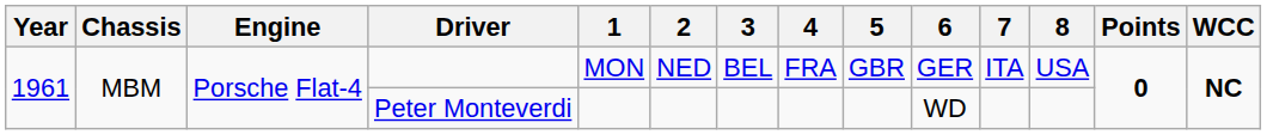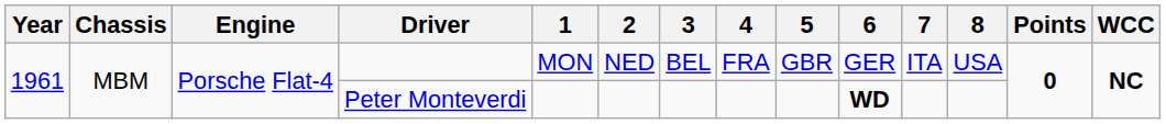 <table class="wikitable" style="text-align:center; font-size:95%">
 <tr>
 <th>Year</th>
 <th>Chassis</th>
 <th>Engine</th>
 <th>Driver</th>
 <th>1</th>
 <th>2</th>
 <th>3</th>
 <th>4</th>
 <th>5</th>
 <th>6</th>
 <th>7</th>
 <th>8</th>
 <th>Points</th>
 <th>WCC</th>
 </tr>
 <tr>
 <td rowspan="2"><a href='#'>1961</a></td>
 <td rowspan="2">MBM</td>
 <td rowspan="2"><a href='#'>Porsche</a> <a href='#'>Flat-4</a></td>
 <td></td>
 <td><a href='#'>MON</a></td>
 <td><a href='#'>NED</a></td>
 <td><a href='#'>BEL</a></td>
 <td><a href='#'>FRA</a></td>
 <td><a href='#'>GBR</a></td>
 <td><a href='#'>GER</a></td>
 <td><a href='#'>ITA</a></td>
 <td><a href='#'>USA</a></td>
 <td rowspan="2"><strong>0</strong></td>
 <td rowspan="2"><strong>NC</strong></td>
 </tr>
 <tr>
 <td><a href='#'>Peter Monteverdi</a></td>
 <td></td>
 <td></td>
 <td></td>
 <td></td>
 <td></td>
-<td>WD</td>
+<td><strong>WD</strong></td>
 <td></td>
 <td></td>
 </tr>
 </table>
